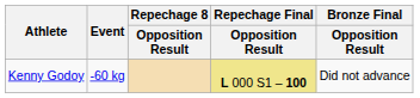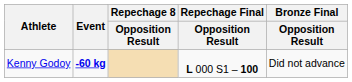 <table class="wikitable" style="font-size:90%">
 <tr>
 <th rowspan="2">Athlete</th>
 <th rowspan="2">Event</th>
 <th>Repechage 8</th>
 <th>Repechage Final</th>
 <th>Bronze Final</th>
 </tr>
 <tr>
 <th>Opposition<br>Result</th>
 <th>Opposition<br>Result</th>
 <th>Opposition<br>Result</th>
 </tr>
 <tr>
 <td><a href='#'>Kenny Godoy</a></td>
-<td><a href='#'>-60 kg</a></td>
+<td><strong><a href='#'>-60 kg</a></strong></td>
 <td align="center" bgcolor=wheat></td>
-<td align=center style="background: khaki;"><br><strong>L</strong> 000 S1 – <strong>100</strong></td>
+<td align=center><br><strong>L</strong> 000 S1 – <strong>100</strong></td>
 <td align=center colspan="5">Did not advance</td>
 </tr>
 </table>
